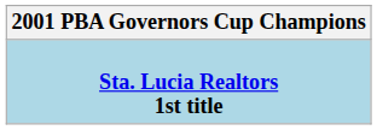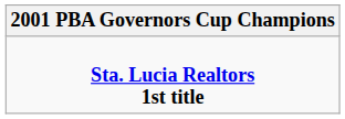 <table class=wikitable style="text-align:center; margin:auto">
 <tr>
 <th>2001 PBA Governors Cup Champions</th>
 </tr>
 <tr>
-<td style="background: lightblue;"><br> <strong><a href='#'>Sta. Lucia Realtors</a></strong> <br> <strong>1st title</strong></td>
+<td><br> <strong><a href='#'>Sta. Lucia Realtors</a></strong> <br> <strong>1st title</strong></td>
 </tr>
 </table>
